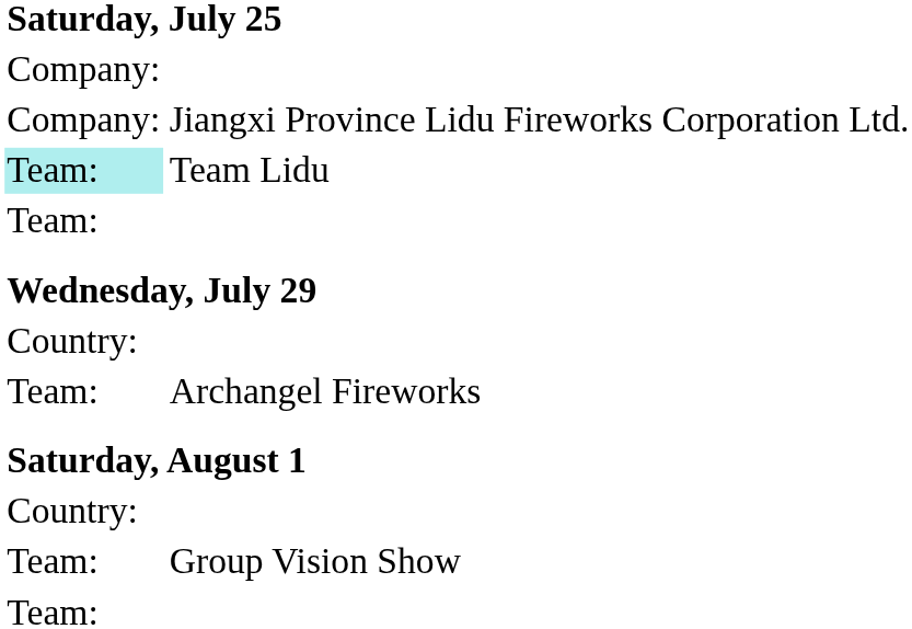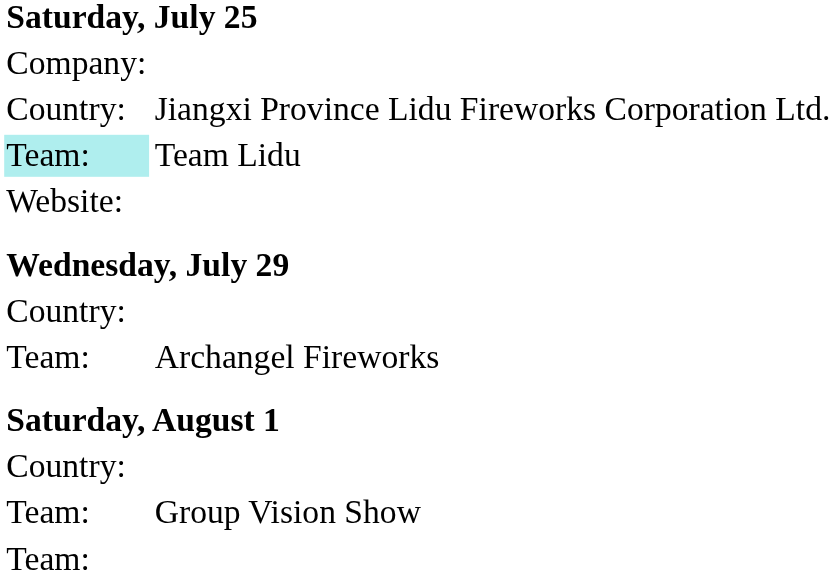 <table border="0">
 <tr>
 <td colspan="2"><strong>Saturday, July 25</strong></td>
 </tr>
 <tr>
 <td>Company:</td>
 <td></td>
 </tr>
 <tr>
-<td>Company:</td>
+<td>Country:</td>
 <td>Jiangxi Province Lidu Fireworks Corporation Ltd.</td>
 </tr>
 <tr>
 <td style="background: paleturquoise;">Team:</td>
 <td>Team Lidu</td>
 </tr>
 <tr>
-<td>Team:</td>
+<td>Website:</td>
 <td></td>
 </tr>
 <tr>
 <td colspan="2"></td>
 </tr>
 <tr>
 <td></td>
 </tr>
 <tr>
 <td colspan="2"><strong>Wednesday, July 29</strong></td>
 </tr>
 <tr>
 <td>Country:</td>
 <td></td>
 </tr>
 <tr>
 <td>Team:</td>
 <td>Archangel Fireworks</td>
 </tr>
 <tr>
 <td colspan="2"></td>
 </tr>
 <tr>
 <td></td>
 </tr>
 <tr>
 <td colspan="2"><strong>Saturday, August 1</strong></td>
 </tr>
 <tr>
 <td>Country:</td>
 <td></td>
 </tr>
 <tr>
 <td>Team:</td>
 <td>Group Vision Show</td>
 </tr>
 <tr>
 <td>Team:</td>
 <td></td>
 </tr>
 <tr>
 <td colspan="2"></td>
 </tr>
 </table>
